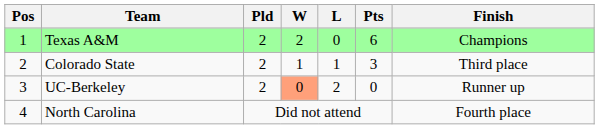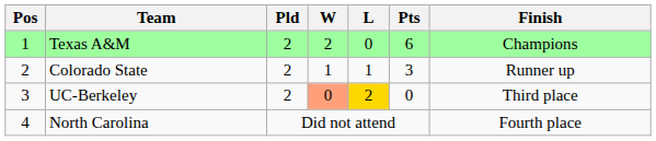 <table class="wikitable" style="text-align:center; margin: 1em auto">
 <tr>
 <th style="width:2em">Pos</th>
 <th style="width:13em">Team</th>
 <th style="width:2em">Pld</th>
 <th style="width:2em">W</th>
 <th style="width:2em">L</th>
 <th style="width:2em">Pts</th>
 <th style="width:13em">Finish</th>
 </tr>
 <tr bgcolor="#9eff9e">
 <td>1</td>
 <td style="text-align:left">Texas A&M</td>
 <td>2</td>
 <td>2</td>
 <td>0</td>
 <td>6</td>
 <td>Champions</td>
 </tr>
 <tr>
 <td>2</td>
 <td style="text-align:left">Colorado State</td>
 <td>2</td>
 <td>1</td>
 <td>1</td>
 <td>3</td>
-<td>Third place</td>
+<td>Runner up</td>
 </tr>
 <tr>
 <td>3</td>
 <td style="text-align:left">UC-Berkeley</td>
 <td>2</td>
 <td style="background: lightsalmon;">0</td>
-<td>2</td>
+<td style="background: gold;">2</td>
 <td>0</td>
-<td>Runner up</td>
+<td>Third place</td>
 </tr>
 <tr>
 <td>4</td>
 <td style="text-align:left">North Carolina</td>
 <td colspan="4">Did not attend</td>
 <td>Fourth place</td>
 </tr>
 </table>
